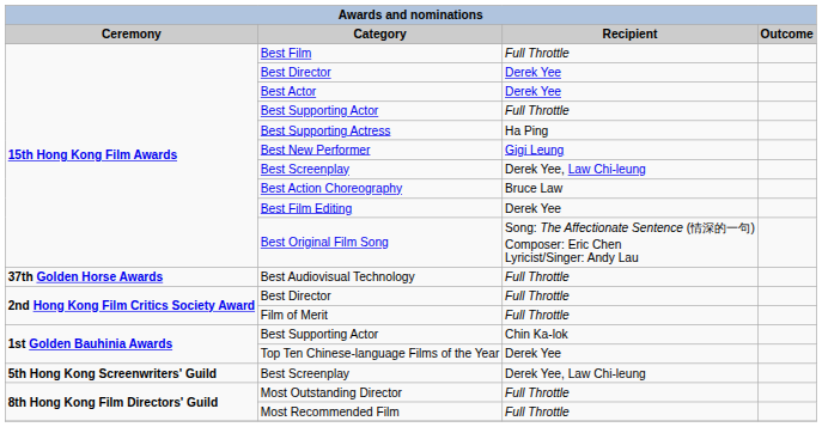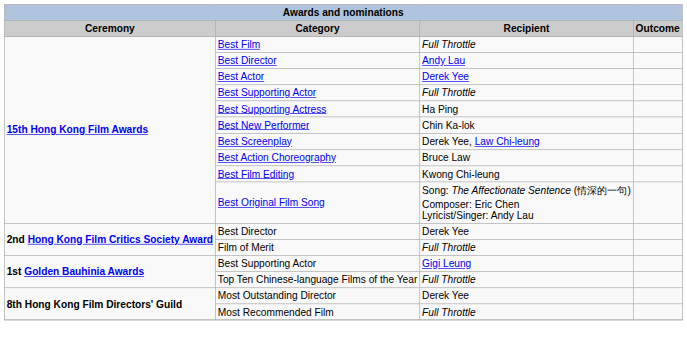 <table class="wikitable" style="font-size:95%;" ;>
 <tr style="background:#ccc; text-align:center;">
 <th colspan="4" style="background: LightSteelBlue;">Awards and nominations</th>
 </tr>
 <tr style="background:#ccc; text-align:center;">
 <th style="background:#ccc">Ceremony</th>
 <th style="background:#ccc">Category</th>
 <th style="background:#ccc">Recipient</th>
 <th style="background:#ccc">Outcome</th>
 </tr>
 <tr>
 <td rowspan=10><strong><a href='#'>15th Hong Kong Film Awards</a></strong></td>
 <td><a href='#'>Best Film</a></td>
 <td><em>Full Throttle</em></td>
 <td></td>
 </tr>
 <tr>
 <td><a href='#'>Best Director</a></td>
-<td><a href='#'>Derek Yee</a></td>
+<td><a href='#'>Andy Lau</a></td>
 <td></td>
 </tr>
 <tr>
 <td><a href='#'>Best Actor</a></td>
 <td><a href='#'>Derek Yee</a></td>
 <td></td>
 </tr>
 <tr>
 <td><a href='#'>Best Supporting Actor</a></td>
 <td><em>Full Throttle</em></td>
 <td></td>
 </tr>
 <tr>
 <td><a href='#'>Best Supporting Actress</a></td>
 <td>Ha Ping</td>
 <td></td>
 </tr>
 <tr>
 <td><a href='#'>Best New Performer</a></td>
-<td><a href='#'>Gigi Leung</a></td>
+<td>Chin Ka-lok</td>
 <td></td>
 </tr>
 <tr>
 <td><a href='#'>Best Screenplay</a></td>
 <td>Derek Yee, <a href='#'>Law Chi-leung</a></td>
 <td></td>
 </tr>
 <tr>
 <td><a href='#'>Best Action Choreography</a></td>
 <td>Bruce Law</td>
 <td></td>
 </tr>
 <tr>
 <td><a href='#'>Best Film Editing</a></td>
-<td>Derek Yee</td>
+<td>Kwong Chi-leung</td>
 <td></td>
 </tr>
 <tr>
 <td><a href='#'>Best Original Film Song</a></td>
 <td>Song: <em>The Affectionate Sentence</em> (情深的一句)<br>Composer: Eric Chen <br>Lyricist/Singer: Andy Lau</td>
 <td></td>
 </tr>
 <tr>
-<td><strong>37th <a href='#'>Golden Horse Awards</a></strong></td>
-<td>Best Audiovisual Technology</td>
-<td><em>Full Throttle</em></td>
-<td></td>
-</tr>
-<tr>
 <td rowspan=2><strong>2nd <a href='#'>Hong Kong Film Critics Society Award</a></strong></td>
 <td>Best Director</td>
-<td><em>Full Throttle</em></td>
+<td>Derek Yee</td>
 <td></td>
 </tr>
 <tr>
 <td>Film of Merit</td>
 <td><em>Full Throttle</em></td>
 <td></td>
 </tr>
 <tr>
 <td rowspan=2><strong>1st <a href='#'>Golden Bauhinia Awards</a></strong></td>
 <td>Best Supporting Actor</td>
-<td>Chin Ka-lok</td>
+<td><a href='#'>Gigi Leung</a></td>
 <td></td>
 </tr>
 <tr>
 <td>Top Ten Chinese-language Films of the Year</td>
-<td>Derek Yee</td>
-<td></td>
-</tr>
-<tr>
-<td><strong>5th Hong Kong Screenwriters' Guild</strong></td>
-<td>Best Screenplay</td>
-<td>Derek Yee, Law Chi-leung</td>
+<td><em>Full Throttle</em></td>
 <td></td>
 </tr>
 <tr>
 <td rowspan=2><strong>8th Hong Kong Film Directors' Guild</strong></td>
 <td>Most Outstanding Director</td>
-<td><em>Full Throttle</em></td>
+<td>Derek Yee</td>
 <td></td>
 </tr>
 <tr>
 <td>Most Recommended Film</td>
 <td><em>Full Throttle</em></td>
 <td></td>
 </tr>
 <tr>
 </tr>
 </table>
